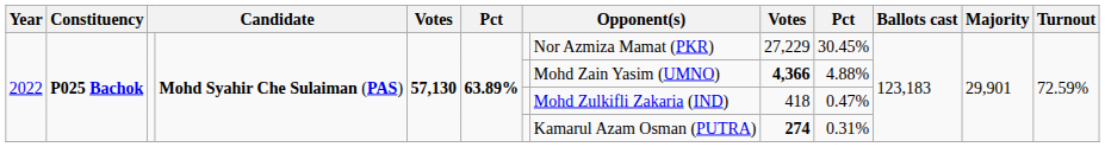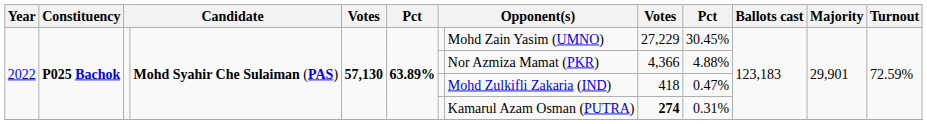 <table class="wikitable" style="margin:0.5em ; font-size:95%">
 <tr>
 <th>Year</th>
 <th>Constituency</th>
 <th colspan="2">Candidate</th>
 <th>Votes</th>
 <th>Pct</th>
 <th colspan="2">Opponent(s)</th>
 <th>Votes</th>
 <th>Pct</th>
 <th>Ballots cast</th>
 <th>Majority</th>
 <th>Turnout</th>
 </tr>
 <tr>
 <td rowspan="4"><a href='#'>2022</a></td>
 <td rowspan="4"><strong>P025 <a href='#'>Bachok</a></strong></td>
 <td rowspan="4" ></td>
 <td rowspan="4"><strong>Mohd Syahir Che Sulaiman</strong> (<a href='#'><strong>PAS</strong></a>)</td>
 <td rowspan="4"><strong>57,130</strong></td>
 <td rowspan="4"><strong>63.89%</strong></td>
 <td></td>
-<td>Nor Azmiza Mamat (<a href='#'>PKR</a>)</td>
+<td>Mohd Zain Yasim (<a href='#'>UMNO</a>)</td>
 <td align="right">27,229</td>
 <td align="right">30.45%</td>
 <td rowspan="4">123,183</td>
 <td rowspan="4">29,901</td>
 <td rowspan="4">72.59%</td>
 </tr>
 <tr>
 <td></td>
-<td>Mohd Zain Yasim (<a href='#'>UMNO</a>)</td>
-<td align="right"><strong>4,366</strong></td>
+<td>Nor Azmiza Mamat (<a href='#'>PKR</a>)</td>
+<td align="right">4,366</td>
 <td align="right">4.88%</td>
 </tr>
 <tr>
 <td></td>
 <td><a href='#'>Mohd Zulkifli Zakaria</a> (<a href='#'>IND</a>)</td>
 <td align="right">418</td>
 <td align="right">0.47%</td>
 </tr>
 <tr>
 <td></td>
 <td>Kamarul Azam Osman (<a href='#'>PUTRA</a>)</td>
 <td align="right"><strong>274</strong></td>
 <td align="right">0.31%</td>
 </tr>
 <tr>
 </tr>
 </table>
